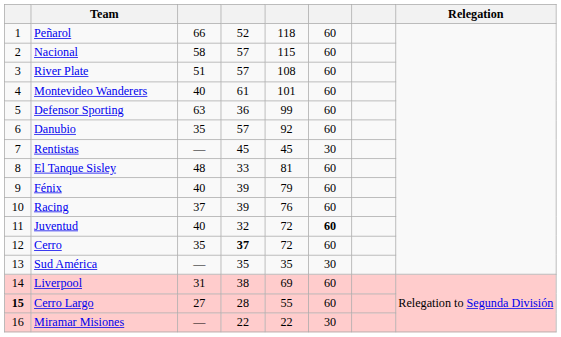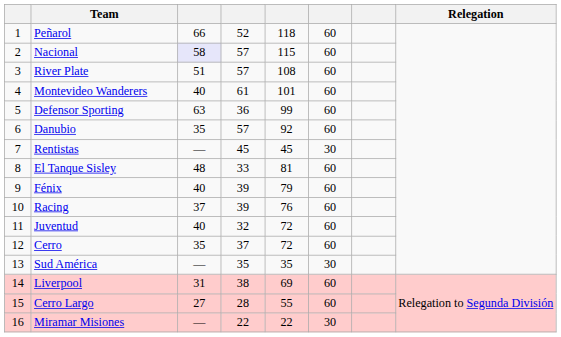 <table class="wikitable" style="text-align: center;">
 <tr>
 <th width=28><br></th>
 <th width=185>Team</th>
 <th width=50></th>
 <th width=50></th>
 <th width=50></th>
 <th width=50></th>
 <th width=50><br></th>
 <th>Relegation</th>
 </tr>
 <tr>
 <td>1</td>
 <td align="left"><a href='#'>Peñarol</a></td>
 <td>66</td>
 <td>52</td>
 <td>118</td>
 <td>60</td>
 <td><strong></strong></td>
 </tr>
 <tr>
 <td>2</td>
 <td align="left"><a href='#'>Nacional</a></td>
-<td>58</td>
+<td style="background: lavender;">58</td>
 <td>57</td>
 <td>115</td>
 <td>60</td>
 <td><strong></strong></td>
 </tr>
 <tr>
 <td>3</td>
 <td align="left"><a href='#'>River Plate</a></td>
 <td>51</td>
 <td>57</td>
 <td>108</td>
 <td>60</td>
 <td><strong></strong></td>
 </tr>
 <tr>
 <td>4</td>
 <td align="left"><a href='#'>Montevideo Wanderers</a></td>
 <td>40</td>
 <td>61</td>
 <td>101</td>
 <td>60</td>
 <td><strong></strong></td>
 </tr>
 <tr>
 <td>5</td>
 <td align="left"><a href='#'>Defensor Sporting</a></td>
 <td>63</td>
 <td>36</td>
 <td>99</td>
 <td>60</td>
 <td><strong></strong></td>
 </tr>
 <tr>
 <td>6</td>
 <td align="left"><a href='#'>Danubio</a></td>
 <td>35</td>
 <td>57</td>
 <td>92</td>
 <td>60</td>
 <td><strong></strong></td>
 </tr>
 <tr>
 <td>7</td>
 <td align="left"><a href='#'>Rentistas</a></td>
 <td>—</td>
 <td>45</td>
 <td>45</td>
 <td>30</td>
 <td><strong></strong></td>
 </tr>
 <tr>
 <td>8</td>
 <td align="left"><a href='#'>El Tanque Sisley</a></td>
 <td>48</td>
 <td>33</td>
 <td>81</td>
 <td>60</td>
 <td><strong></strong></td>
 </tr>
 <tr>
 <td>9</td>
 <td align="left"><a href='#'>Fénix</a></td>
 <td>40</td>
 <td>39</td>
 <td>79</td>
 <td>60</td>
 <td><strong></strong></td>
 </tr>
 <tr>
 <td>10</td>
 <td align="left"><a href='#'>Racing</a></td>
 <td>37</td>
 <td>39</td>
 <td>76</td>
 <td>60</td>
 <td><strong></strong></td>
 </tr>
 <tr>
 <td>11</td>
 <td align="left"><a href='#'>Juventud</a></td>
 <td>40</td>
 <td>32</td>
 <td>72</td>
-<td><strong>60</strong></td>
+<td>60</td>
 <td><strong></strong></td>
 </tr>
 <tr>
 <td>12</td>
 <td align="left"><a href='#'>Cerro</a></td>
 <td>35</td>
-<td><strong>37</strong></td>
+<td>37</td>
 <td>72</td>
 <td>60</td>
 <td><strong></strong></td>
 </tr>
 <tr>
 <td>13</td>
 <td align="left"><a href='#'>Sud América</a></td>
 <td>—</td>
 <td>35</td>
 <td>35</td>
 <td>30</td>
 <td><strong></strong></td>
 </tr>
 <tr bgcolor=#FFCCCC>
 <td>14</td>
 <td align="left"><a href='#'>Liverpool</a></td>
 <td>31</td>
 <td>38</td>
 <td>69</td>
 <td>60</td>
 <td><strong></strong></td>
 <td rowspan="3">Relegation to <a href='#'>Segunda División</a></td>
 </tr>
 <tr bgcolor=#FFCCCC>
-<td><strong>15</strong></td>
+<td>15</td>
 <td align="left"><a href='#'>Cerro Largo</a></td>
 <td>27</td>
 <td>28</td>
 <td>55</td>
 <td>60</td>
 <td><strong></strong></td>
 </tr>
 <tr bgcolor=#FFCCCC>
 <td>16</td>
 <td align="left"><a href='#'>Miramar Misiones</a></td>
 <td>—</td>
 <td>22</td>
 <td>22</td>
 <td>30</td>
 <td><strong></strong></td>
 </tr>
 </table>
